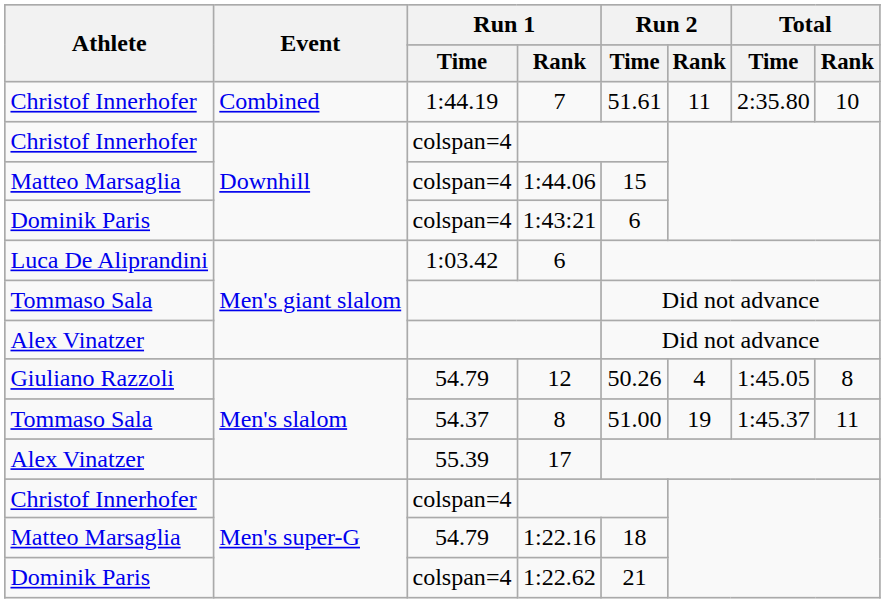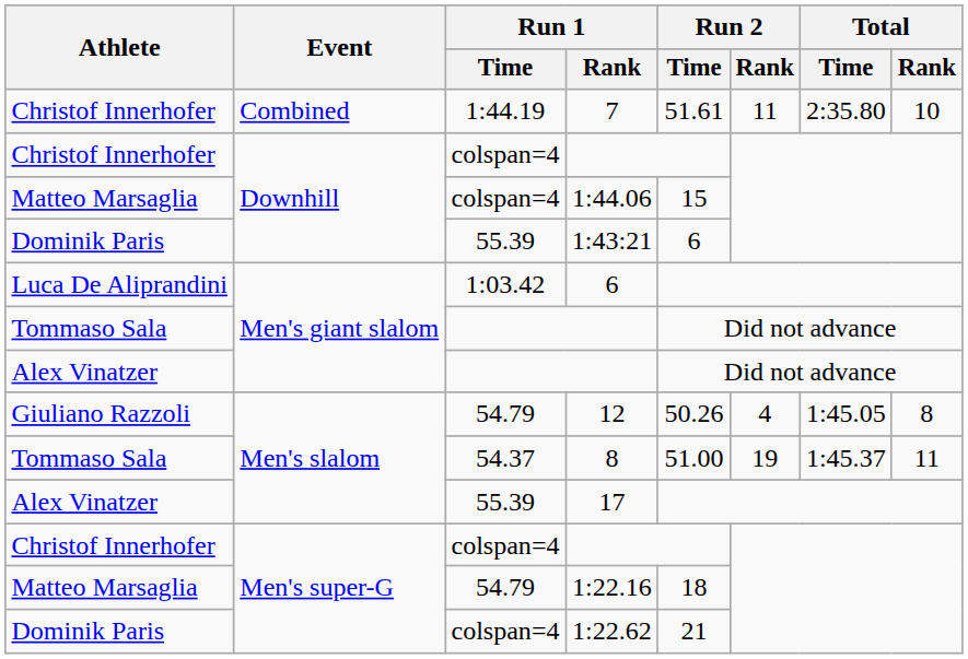 <table class=wikitable style=font-size:90%;text-align:center>
 <tr>
 <th rowspan=2>Athlete</th>
 <th rowspan=2>Event</th>
 <th colspan=2>Run 1</th>
 <th colspan=2>Run 2</th>
 <th colspan=2>Total</th>
 </tr>
 <tr style=font-size:95%>
 <th>Time</th>
 <th>Rank</th>
 <th>Time</th>
 <th>Rank</th>
 <th>Time</th>
 <th>Rank</th>
 </tr>
 <tr>
 <td align=left><a href='#'>Christof Innerhofer</a></td>
 <td align=left><a href='#'>Combined</a></td>
 <td>1:44.19</td>
 <td>7</td>
 <td>51.61</td>
 <td>11</td>
 <td>2:35.80</td>
 <td>10</td>
 </tr>
 <tr>
 <td align=left><a href='#'>Christof Innerhofer</a></td>
 <td align=left rowspan=3><a href='#'>Downhill</a></td>
 <td>colspan=4 </td>
 <td colspan=2></td>
 </tr>
 <tr>
 <td align=left><a href='#'>Matteo Marsaglia</a></td>
 <td>colspan=4 </td>
 <td>1:44.06</td>
 <td>15</td>
 </tr>
 <tr>
 <td align=left><a href='#'>Dominik Paris</a></td>
-<td>colspan=4 </td>
+<td>55.39</td>
 <td>1:43:21</td>
 <td>6</td>
 </tr>
 <tr>
 <td align=left><a href='#'>Luca De Aliprandini</a></td>
 <td align=left rowspan=3><a href='#'>Men's giant slalom</a></td>
 <td>1:03.42</td>
 <td>6</td>
 <td colspan=4></td>
 </tr>
 <tr>
 <td align=left><a href='#'>Tommaso Sala</a></td>
 <td colspan=2></td>
 <td colspan=4>Did not advance</td>
 </tr>
 <tr>
 <td align=left><a href='#'>Alex Vinatzer</a></td>
 <td colspan=2></td>
 <td colspan=4>Did not advance</td>
 </tr>
 <tr>
 <td align=left><a href='#'>Giuliano Razzoli</a></td>
 <td align=left rowspan=3><a href='#'>Men's slalom</a></td>
 <td>54.79</td>
 <td>12</td>
 <td>50.26</td>
 <td>4</td>
 <td>1:45.05</td>
 <td>8</td>
 </tr>
 <tr>
 <td align=left><a href='#'>Tommaso Sala</a></td>
 <td>54.37</td>
 <td>8</td>
 <td>51.00</td>
 <td>19</td>
 <td>1:45.37</td>
 <td>11</td>
 </tr>
 <tr>
 <td align=left><a href='#'>Alex Vinatzer</a></td>
 <td>55.39</td>
 <td>17</td>
 <td colspan=4></td>
 </tr>
 <tr>
 <td align=left><a href='#'>Christof Innerhofer</a></td>
 <td align=left rowspan=3><a href='#'>Men's super-G</a></td>
 <td>colspan=4 </td>
 <td colspan=2></td>
 </tr>
 <tr>
 <td align=left><a href='#'>Matteo Marsaglia</a></td>
 <td>54.79</td>
 <td>1:22.16</td>
 <td>18</td>
 </tr>
 <tr>
 <td align=left><a href='#'>Dominik Paris</a></td>
 <td>colspan=4 </td>
 <td>1:22.62</td>
 <td>21</td>
 </tr>
 </table>
